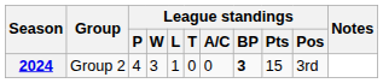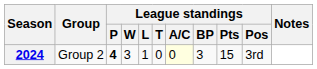 <table class="wikitable sortable">
 <tr>
 <th scope="col" rowspan="2">Season</th>
 <th scope="col" rowspan="2">Group</th>
 <th scope="col" colspan="8">League standings</th>
 <th scope="col" rowspan="2">Notes</th>
 </tr>
 <tr>
 <th scope="col">P</th>
 <th scope="col">W</th>
 <th scope="col">L</th>
 <th scope="col">T</th>
 <th scope="col">A/C</th>
 <th scope="col">BP</th>
 <th scope="col">Pts</th>
 <th scope="col">Pos</th>
 </tr>
 <tr>
 <th scope="row"><a href='#'>2024</a></th>
 <td>Group 2</td>
-<td>4</td>
+<td><strong>4</strong></td>
 <td>3</td>
 <td>1</td>
 <td>0</td>
-<td>0</td>
-<td><strong>3</strong></td>
+<td style="background: lightyellow;">0</td>
+<td>3</td>
 <td>15</td>
 <td>3rd</td>
 <td style="background: white;"></td>
 </tr>
 </table>
